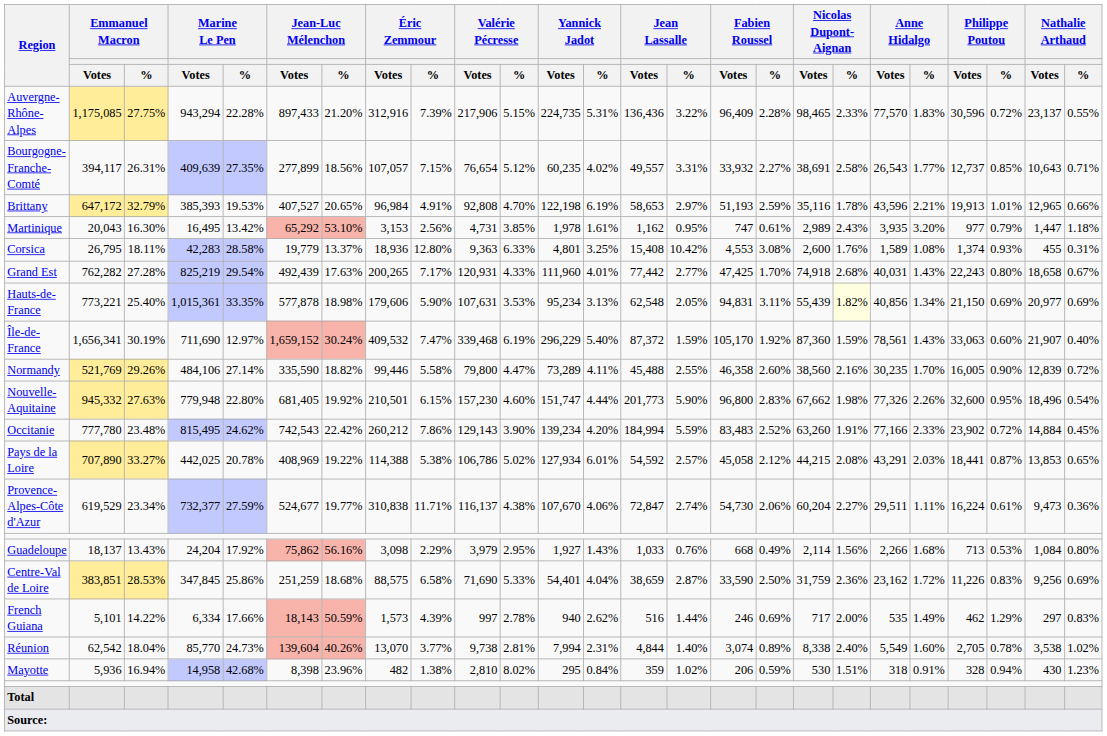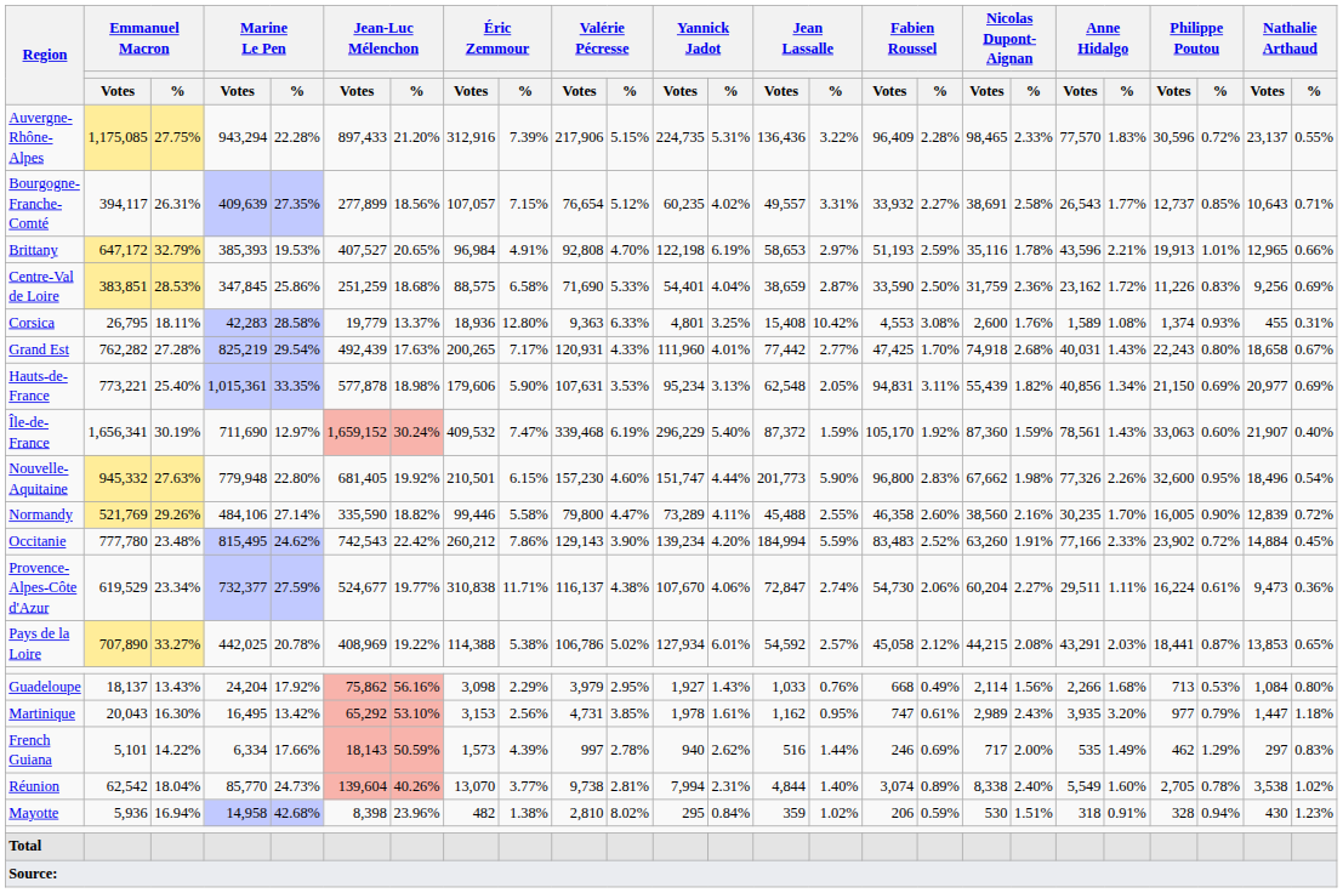 <table class="wikitable sortable collapsible collapsed mw-datatable" style="text-align:right; font-size:95%; line-height:20px">
 <tr>
 <th width="200" rowspan="3"><a href='#'>Region</a></th>
 <th width="110" colspan="2"><a href='#'>Emmanuel<br>Macron</a></th>
 <th width="110" colspan="2"><a href='#'>Marine<br>Le Pen</a></th>
 <th width="110" colspan="2"><a href='#'>Jean-Luc<br>Mélenchon</a></th>
 <th width="110" colspan="2"><a href='#'>Éric<br>Zemmour</a></th>
 <th width="110" colspan="2"><a href='#'>Valérie<br>Pécresse</a></th>
 <th width="110" colspan="2"><a href='#'>Yannick<br>Jadot</a></th>
 <th width="110" colspan="2"><a href='#'>Jean<br>Lassalle</a></th>
 <th width="110" colspan="2"><a href='#'>Fabien<br>Roussel</a></th>
 <th width="110" colspan="2"><a href='#'>Nicolas<br>Dupont-Aignan</a></th>
 <th width="110" colspan="2"><a href='#'>Anne<br>Hidalgo</a></th>
 <th width="110" colspan="2"><a href='#'>Philippe<br>Poutou</a></th>
 <th width="110" colspan="2"><a href='#'>Nathalie<br>Arthaud</a></th>
 </tr>
 <tr>
 <th colspan="2" style="background:"></th>
 <th colspan="2" style="background:"></th>
 <th colspan="2" style="background:"></th>
 <th colspan="2" style="background:"></th>
 <th colspan="2" style="background:"></th>
 <th colspan="2" style="background:"></th>
 <th colspan="2" style="background:"></th>
 <th colspan="2" style="background:"></th>
 <th colspan="2" style="background:"></th>
 <th colspan="2" style="background:"></th>
 <th colspan="2" style="background:"></th>
 <th colspan="2" style="background:"></th>
 </tr>
 <tr>
 <th>Votes</th>
 <th>%</th>
 <th>Votes</th>
 <th>%</th>
 <th>Votes</th>
 <th>%</th>
 <th>Votes</th>
 <th>%</th>
 <th>Votes</th>
 <th>%</th>
 <th>Votes</th>
 <th>%</th>
 <th>Votes</th>
 <th>%</th>
 <th>Votes</th>
 <th>%</th>
 <th>Votes</th>
 <th>%</th>
 <th>Votes</th>
 <th>%</th>
 <th>Votes</th>
 <th>%</th>
 <th>Votes</th>
 <th>%</th>
 </tr>
 <tr>
 <td align="left"><a href='#'>Auvergne-Rhône-Alpes</a></td>
 <td style="background:#FFED99;">1,175,085</td>
 <td style="background:#FFED99;">27.75%</td>
 <td>943,294</td>
 <td>22.28%</td>
 <td>897,433</td>
 <td>21.20%</td>
 <td>312,916</td>
 <td>7.39%</td>
 <td>217,906</td>
 <td>5.15%</td>
 <td>224,735</td>
 <td>5.31%</td>
 <td>136,436</td>
 <td>3.22%</td>
 <td>96,409</td>
 <td>2.28%</td>
 <td>98,465</td>
 <td>2.33%</td>
 <td>77,570</td>
 <td>1.83%</td>
 <td>30,596</td>
 <td>0.72%</td>
 <td>23,137</td>
 <td>0.55%</td>
 </tr>
 <tr>
 <td align="left"><a href='#'>Bourgogne-Franche-Comté</a></td>
 <td>394,117</td>
 <td>26.31%</td>
 <td style="background:#C1C9FF;">409,639</td>
 <td style="background:#C1C9FF;">27.35%</td>
 <td>277,899</td>
 <td>18.56%</td>
 <td>107,057</td>
 <td>7.15%</td>
 <td>76,654</td>
 <td>5.12%</td>
 <td>60,235</td>
 <td>4.02%</td>
 <td>49,557</td>
 <td>3.31%</td>
 <td>33,932</td>
 <td>2.27%</td>
 <td>38,691</td>
 <td>2.58%</td>
 <td>26,543</td>
 <td>1.77%</td>
 <td>12,737</td>
 <td>0.85%</td>
 <td>10,643</td>
 <td>0.71%</td>
 </tr>
 <tr>
 <td align="left"><a href='#'>Brittany</a></td>
 <td style="background:#FFED99;">647,172</td>
 <td style="background:#FFED99;">32.79%</td>
 <td>385,393</td>
 <td>19.53%</td>
 <td>407,527</td>
 <td>20.65%</td>
 <td>96,984</td>
 <td>4.91%</td>
 <td>92,808</td>
 <td>4.70%</td>
 <td>122,198</td>
 <td>6.19%</td>
 <td>58,653</td>
 <td>2.97%</td>
 <td>51,193</td>
 <td>2.59%</td>
 <td>35,116</td>
 <td>1.78%</td>
 <td>43,596</td>
 <td>2.21%</td>
 <td>19,913</td>
 <td>1.01%</td>
 <td>12,965</td>
 <td>0.66%</td>
 </tr>
 <tr>
-<td align="left"><a href='#'>Martinique</a></td>
-<td>20,043</td>
-<td>16.30%</td>
-<td>16,495</td>
-<td>13.42%</td>
-<td style="background:#F8B3AB;">65,292</td>
-<td style="background:#F8B3AB;">53.10%</td>
-<td>3,153</td>
-<td>2.56%</td>
-<td>4,731</td>
-<td>3.85%</td>
-<td>1,978</td>
-<td>1.61%</td>
-<td>1,162</td>
-<td>0.95%</td>
-<td>747</td>
-<td>0.61%</td>
-<td>2,989</td>
-<td>2.43%</td>
-<td>3,935</td>
-<td>3.20%</td>
-<td>977</td>
-<td>0.79%</td>
-<td>1,447</td>
-<td>1.18%</td>
+<td align="left"><a href='#'>Centre-Val de Loire</a></td>
+<td style="background:#FFED99;">383,851</td>
+<td style="background:#FFED99;">28.53%</td>
+<td>347,845</td>
+<td>25.86%</td>
+<td>251,259</td>
+<td>18.68%</td>
+<td>88,575</td>
+<td>6.58%</td>
+<td>71,690</td>
+<td>5.33%</td>
+<td>54,401</td>
+<td>4.04%</td>
+<td>38,659</td>
+<td>2.87%</td>
+<td>33,590</td>
+<td>2.50%</td>
+<td>31,759</td>
+<td>2.36%</td>
+<td>23,162</td>
+<td>1.72%</td>
+<td>11,226</td>
+<td>0.83%</td>
+<td>9,256</td>
+<td>0.69%</td>
 </tr>
 <tr>
 <td align="left"><a href='#'>Corsica</a></td>
 <td>26,795</td>
 <td>18.11%</td>
 <td style="background:#C1C9FF;">42,283</td>
 <td style="background:#C1C9FF;">28.58%</td>
 <td>19,779</td>
 <td>13.37%</td>
 <td>18,936</td>
 <td>12.80%</td>
 <td>9,363</td>
 <td>6.33%</td>
 <td>4,801</td>
 <td>3.25%</td>
 <td>15,408</td>
 <td>10.42%</td>
 <td>4,553</td>
 <td>3.08%</td>
 <td>2,600</td>
 <td>1.76%</td>
 <td>1,589</td>
 <td>1.08%</td>
 <td>1,374</td>
 <td>0.93%</td>
 <td>455</td>
 <td>0.31%</td>
 </tr>
 <tr>
 <td align="left"><a href='#'>Grand Est</a></td>
 <td>762,282</td>
 <td>27.28%</td>
 <td style="background:#C1C9FF;">825,219</td>
 <td style="background:#C1C9FF;">29.54%</td>
 <td>492,439</td>
 <td>17.63%</td>
 <td>200,265</td>
 <td>7.17%</td>
 <td>120,931</td>
 <td>4.33%</td>
 <td>111,960</td>
 <td>4.01%</td>
 <td>77,442</td>
 <td>2.77%</td>
 <td>47,425</td>
 <td>1.70%</td>
 <td>74,918</td>
 <td>2.68%</td>
 <td>40,031</td>
 <td>1.43%</td>
 <td>22,243</td>
 <td>0.80%</td>
 <td>18,658</td>
 <td>0.67%</td>
 </tr>
 <tr>
 <td align="left"><a href='#'>Hauts-de-France</a></td>
 <td>773,221</td>
 <td>25.40%</td>
 <td style="background:#C1C9FF;">1,015,361</td>
 <td style="background:#C1C9FF;">33.35%</td>
 <td>577,878</td>
 <td>18.98%</td>
 <td>179,606</td>
 <td>5.90%</td>
 <td>107,631</td>
 <td>3.53%</td>
 <td>95,234</td>
 <td>3.13%</td>
 <td>62,548</td>
 <td>2.05%</td>
 <td>94,831</td>
 <td>3.11%</td>
 <td>55,439</td>
-<td style="background: lightyellow;">1.82%</td>
+<td>1.82%</td>
 <td>40,856</td>
 <td>1.34%</td>
 <td>21,150</td>
 <td>0.69%</td>
 <td>20,977</td>
 <td>0.69%</td>
 </tr>
 <tr>
 <td align="left"><a href='#'>Île-de-France</a></td>
 <td>1,656,341</td>
 <td>30.19%</td>
 <td>711,690</td>
 <td>12.97%</td>
 <td style="background:#F8B3AB;">1,659,152</td>
 <td style="background:#F8B3AB;">30.24%</td>
 <td>409,532</td>
 <td>7.47%</td>
 <td>339,468</td>
 <td>6.19%</td>
 <td>296,229</td>
 <td>5.40%</td>
 <td>87,372</td>
 <td>1.59%</td>
 <td>105,170</td>
 <td>1.92%</td>
 <td>87,360</td>
 <td>1.59%</td>
 <td>78,561</td>
 <td>1.43%</td>
 <td>33,063</td>
 <td>0.60%</td>
 <td>21,907</td>
 <td>0.40%</td>
 </tr>
 <tr>
+<td align="left"><a href='#'>Nouvelle-Aquitaine</a></td>
+<td style="background:#FFED99;">945,332</td>
+<td style="background:#FFED99;">27.63%</td>
+<td>779,948</td>
+<td>22.80%</td>
+<td>681,405</td>
+<td>19.92%</td>
+<td>210,501</td>
+<td>6.15%</td>
+<td>157,230</td>
+<td>4.60%</td>
+<td>151,747</td>
+<td>4.44%</td>
+<td>201,773</td>
+<td>5.90%</td>
+<td>96,800</td>
+<td>2.83%</td>
+<td>67,662</td>
+<td>1.98%</td>
+<td>77,326</td>
+<td>2.26%</td>
+<td>32,600</td>
+<td>0.95%</td>
+<td>18,496</td>
+<td>0.54%</td>
+</tr>
+<tr>
 <td align="left"><a href='#'>Normandy</a></td>
 <td style="background:#FFED99;">521,769</td>
 <td style="background:#FFED99;">29.26%</td>
 <td>484,106</td>
 <td>27.14%</td>
 <td>335,590</td>
 <td>18.82%</td>
 <td>99,446</td>
 <td>5.58%</td>
 <td>79,800</td>
 <td>4.47%</td>
 <td>73,289</td>
 <td>4.11%</td>
 <td>45,488</td>
 <td>2.55%</td>
 <td>46,358</td>
 <td>2.60%</td>
 <td>38,560</td>
 <td>2.16%</td>
 <td>30,235</td>
 <td>1.70%</td>
 <td>16,005</td>
 <td>0.90%</td>
 <td>12,839</td>
 <td>0.72%</td>
-</tr>
-<tr>
-<td align="left"><a href='#'>Nouvelle-Aquitaine</a></td>
-<td style="background:#FFED99;">945,332</td>
-<td style="background:#FFED99;">27.63%</td>
-<td>779,948</td>
-<td>22.80%</td>
-<td>681,405</td>
-<td>19.92%</td>
-<td>210,501</td>
-<td>6.15%</td>
-<td>157,230</td>
-<td>4.60%</td>
-<td>151,747</td>
-<td>4.44%</td>
-<td>201,773</td>
-<td>5.90%</td>
-<td>96,800</td>
-<td>2.83%</td>
-<td>67,662</td>
-<td>1.98%</td>
-<td>77,326</td>
-<td>2.26%</td>
-<td>32,600</td>
-<td>0.95%</td>
-<td>18,496</td>
-<td>0.54%</td>
 </tr>
 <tr>
 <td align="left"><a href='#'>Occitanie</a></td>
 <td>777,780</td>
 <td>23.48%</td>
 <td style="background:#C1C9FF;">815,495</td>
 <td style="background:#C1C9FF;">24.62%</td>
 <td>742,543</td>
 <td>22.42%</td>
 <td>260,212</td>
 <td>7.86%</td>
 <td>129,143</td>
 <td>3.90%</td>
 <td>139,234</td>
 <td>4.20%</td>
 <td>184,994</td>
 <td>5.59%</td>
 <td>83,483</td>
 <td>2.52%</td>
 <td>63,260</td>
 <td>1.91%</td>
 <td>77,166</td>
 <td>2.33%</td>
 <td>23,902</td>
 <td>0.72%</td>
 <td>14,884</td>
 <td>0.45%</td>
 </tr>
 <tr>
+<td align="left"><a href='#'>Provence-Alpes-Côte d'Azur</a></td>
+<td>619,529</td>
+<td>23.34%</td>
+<td style="background:#C1C9FF;">732,377</td>
+<td style="background:#C1C9FF;">27.59%</td>
+<td>524,677</td>
+<td>19.77%</td>
+<td>310,838</td>
+<td>11.71%</td>
+<td>116,137</td>
+<td>4.38%</td>
+<td>107,670</td>
+<td>4.06%</td>
+<td>72,847</td>
+<td>2.74%</td>
+<td>54,730</td>
+<td>2.06%</td>
+<td>60,204</td>
+<td>2.27%</td>
+<td>29,511</td>
+<td>1.11%</td>
+<td>16,224</td>
+<td>0.61%</td>
+<td>9,473</td>
+<td>0.36%</td>
+</tr>
+<tr>
 <td align="left"><a href='#'>Pays de la Loire</a></td>
 <td style="background:#FFED99;">707,890</td>
 <td style="background:#FFED99;">33.27%</td>
 <td>442,025</td>
 <td>20.78%</td>
 <td>408,969</td>
 <td>19.22%</td>
 <td>114,388</td>
 <td>5.38%</td>
 <td>106,786</td>
 <td>5.02%</td>
 <td>127,934</td>
 <td>6.01%</td>
 <td>54,592</td>
 <td>2.57%</td>
 <td>45,058</td>
 <td>2.12%</td>
 <td>44,215</td>
 <td>2.08%</td>
 <td>43,291</td>
 <td>2.03%</td>
 <td>18,441</td>
 <td>0.87%</td>
 <td>13,853</td>
 <td>0.65%</td>
-</tr>
-<tr>
-<td align="left"><a href='#'>Provence-Alpes-Côte d'Azur</a></td>
-<td>619,529</td>
-<td>23.34%</td>
-<td style="background:#C1C9FF;">732,377</td>
-<td style="background:#C1C9FF;">27.59%</td>
-<td>524,677</td>
-<td>19.77%</td>
-<td>310,838</td>
-<td>11.71%</td>
-<td>116,137</td>
-<td>4.38%</td>
-<td>107,670</td>
-<td>4.06%</td>
-<td>72,847</td>
-<td>2.74%</td>
-<td>54,730</td>
-<td>2.06%</td>
-<td>60,204</td>
-<td>2.27%</td>
-<td>29,511</td>
-<td>1.11%</td>
-<td>16,224</td>
-<td>0.61%</td>
-<td>9,473</td>
-<td>0.36%</td>
 </tr>
 <tr class="sortbottom">
 <td colspan="25"></td>
 </tr>
 <tr>
 <td align="left"><a href='#'>Guadeloupe</a></td>
 <td>18,137</td>
 <td>13.43%</td>
 <td>24,204</td>
 <td>17.92%</td>
 <td style="background:#F8B3AB;">75,862</td>
 <td style="background:#F8B3AB;">56.16%</td>
 <td>3,098</td>
 <td>2.29%</td>
 <td>3,979</td>
 <td>2.95%</td>
 <td>1,927</td>
 <td>1.43%</td>
 <td>1,033</td>
 <td>0.76%</td>
 <td>668</td>
 <td>0.49%</td>
 <td>2,114</td>
 <td>1.56%</td>
 <td>2,266</td>
 <td>1.68%</td>
 <td>713</td>
 <td>0.53%</td>
 <td>1,084</td>
 <td>0.80%</td>
 </tr>
 <tr>
-<td align="left"><a href='#'>Centre-Val de Loire</a></td>
-<td style="background:#FFED99;">383,851</td>
-<td style="background:#FFED99;">28.53%</td>
-<td>347,845</td>
-<td>25.86%</td>
-<td>251,259</td>
-<td>18.68%</td>
-<td>88,575</td>
-<td>6.58%</td>
-<td>71,690</td>
-<td>5.33%</td>
-<td>54,401</td>
-<td>4.04%</td>
-<td>38,659</td>
-<td>2.87%</td>
-<td>33,590</td>
-<td>2.50%</td>
-<td>31,759</td>
-<td>2.36%</td>
-<td>23,162</td>
-<td>1.72%</td>
-<td>11,226</td>
-<td>0.83%</td>
-<td>9,256</td>
-<td>0.69%</td>
+<td align="left"><a href='#'>Martinique</a></td>
+<td>20,043</td>
+<td>16.30%</td>
+<td>16,495</td>
+<td>13.42%</td>
+<td style="background:#F8B3AB;">65,292</td>
+<td style="background:#F8B3AB;">53.10%</td>
+<td>3,153</td>
+<td>2.56%</td>
+<td>4,731</td>
+<td>3.85%</td>
+<td>1,978</td>
+<td>1.61%</td>
+<td>1,162</td>
+<td>0.95%</td>
+<td>747</td>
+<td>0.61%</td>
+<td>2,989</td>
+<td>2.43%</td>
+<td>3,935</td>
+<td>3.20%</td>
+<td>977</td>
+<td>0.79%</td>
+<td>1,447</td>
+<td>1.18%</td>
 </tr>
 <tr>
 <td align="left"><a href='#'>French Guiana</a></td>
 <td>5,101</td>
 <td>14.22%</td>
 <td>6,334</td>
 <td>17.66%</td>
 <td style="background:#F8B3AB;">18,143</td>
 <td style="background:#F8B3AB;">50.59%</td>
 <td>1,573</td>
 <td>4.39%</td>
 <td>997</td>
 <td>2.78%</td>
 <td>940</td>
 <td>2.62%</td>
 <td>516</td>
 <td>1.44%</td>
 <td>246</td>
 <td>0.69%</td>
 <td>717</td>
 <td>2.00%</td>
 <td>535</td>
 <td>1.49%</td>
 <td>462</td>
 <td>1.29%</td>
 <td>297</td>
 <td>0.83%</td>
 </tr>
 <tr>
 <td align="left"><a href='#'>Réunion</a></td>
 <td>62,542</td>
 <td>18.04%</td>
 <td>85,770</td>
 <td>24.73%</td>
 <td style="background:#F8B3AB;">139,604</td>
 <td style="background:#F8B3AB;">40.26%</td>
 <td>13,070</td>
 <td>3.77%</td>
 <td>9,738</td>
 <td>2.81%</td>
 <td>7,994</td>
 <td>2.31%</td>
 <td>4,844</td>
 <td>1.40%</td>
 <td>3,074</td>
 <td>0.89%</td>
 <td>8,338</td>
 <td>2.40%</td>
 <td>5,549</td>
 <td>1.60%</td>
 <td>2,705</td>
 <td>0.78%</td>
 <td>3,538</td>
 <td>1.02%</td>
 </tr>
 <tr>
 <td align="left"><a href='#'>Mayotte</a></td>
 <td>5,936</td>
 <td>16.94%</td>
 <td style="background:#C1C9FF;">14,958</td>
 <td style="background:#C1C9FF;">42.68%</td>
 <td>8,398</td>
 <td>23.96%</td>
 <td>482</td>
 <td>1.38%</td>
 <td>2,810</td>
 <td>8.02%</td>
 <td>295</td>
 <td>0.84%</td>
 <td>359</td>
 <td>1.02%</td>
 <td>206</td>
 <td>0.59%</td>
 <td>530</td>
 <td>1.51%</td>
 <td>318</td>
 <td>0.91%</td>
 <td>328</td>
 <td>0.94%</td>
 <td>430</td>
 <td>1.23%</td>
 </tr>
 <tr class="sortbottom">
 <td colspan="25"></td>
 </tr>
 <tr class="sortbottom" style="font-weight:bold; background:#E4E4E4;">
 <td align="left">Total</td>
 <td></td>
 <td></td>
 <td></td>
 <td></td>
 <td></td>
 <td></td>
 <td></td>
 <td></td>
 <td></td>
 <td></td>
 <td></td>
 <td></td>
 <td></td>
 <td></td>
 <td></td>
 <td></td>
 <td></td>
 <td></td>
 <td></td>
 <td></td>
 <td></td>
 <td></td>
 <td></td>
 <td></td>
 </tr>
 <tr class="sortbottom">
 <td colspan="25" style="text-align:left; background-color:#eaecf0"><strong>Source:</strong> </td>
 </tr>
 </table>
